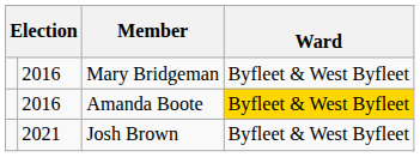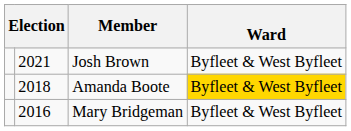 <table class="wikitable">
 <tr>
 <th colspan="2">Election</th>
 <th>Member</th>
 <th><br>Ward</th>
 </tr>
 <tr>
 <td style="background-color: "></td>
-<td>2016</td>
-<td>Mary Bridgeman</td>
+<td>2021</td>
+<td>Josh Brown</td>
 <td>Byfleet & West Byfleet</td>
 </tr>
 <tr>
 <td style="background-color: "></td>
-<td>2016</td>
+<td>2018</td>
 <td>Amanda Boote</td>
 <td style="background: gold;">Byfleet & West Byfleet</td>
 </tr>
 <tr>
 <td style="background-color: "></td>
-<td>2021</td>
-<td>Josh Brown</td>
+<td>2016</td>
+<td>Mary Bridgeman</td>
 <td>Byfleet & West Byfleet</td>
 </tr>
 </table>
